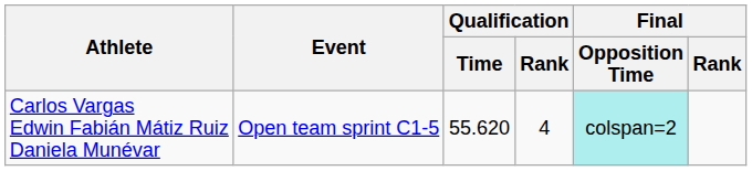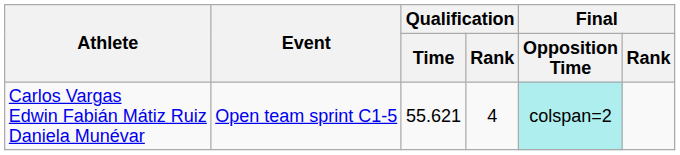 <table class=wikitable style="font-size:90%">
 <tr>
 <th rowspan="2">Athlete</th>
 <th rowspan="2">Event</th>
 <th colspan="2">Qualification</th>
 <th colspan="2">Final</th>
 </tr>
 <tr>
 <th>Time</th>
 <th>Rank</th>
 <th>Opposition<br>Time</th>
 <th>Rank</th>
 </tr>
 <tr style="text-align:center">
 <td style="text-align:left"><a href='#'>Carlos Vargas</a><br><a href='#'>Edwin Fabián Mátiz Ruiz</a><br><a href='#'>Daniela Munévar</a></td>
 <td style="text-align:left"><a href='#'>Open team sprint C1-5</a></td>
-<td>55.620</td>
+<td>55.621</td>
 <td>4</td>
 <td style="background: paleturquoise;">colspan=2 </td>
 </tr>
 </table>
